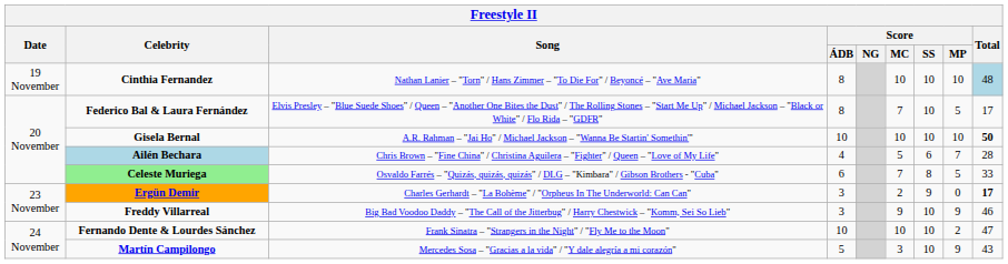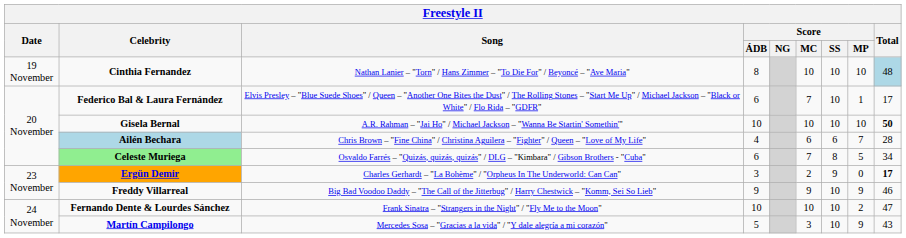 <table class="wikitable collapsible collapsed" style="font-size:90%; text-align: center; width: 100%;">
 <tr>
 <th colspan="11" style="with: 95%;" align=center><big><a href='#'>Freestyle II</a></big></th>
 </tr>
 <tr>
 <th width=70 rowspan="2">Date</th>
 <th width=250 rowspan="2">Celebrity</th>
 <th rowspan="2">Song</th>
 <th colspan="5">Score</th>
 <th rowspan="2">Total</th>
 </tr>
 <tr>
 <th width=30>ÁDB</th>
 <th width=30>NG</th>
 <th width=30>MC</th>
 <th width=30>SS</th>
 <th width=30>MP</th>
 </tr>
 <tr>
 <td rowspan=1>19 November</td>
 <td><strong>Cinthia Fernandez</strong></td>
 <td><small><a href='#'>Nathan Lanier</a> – "<a href='#'>Torn</a>" / <a href='#'>Hans Zimmer</a> – "<a href='#'>To Die For</a>" / <a href='#'>Beyoncé</a> – "<a href='#'>Ave Maria</a>"</small></td>
 <td>8</td>
 <td bgcolor="lightgray"></td>
 <td>10</td>
 <td>10</td>
 <td>10</td>
 <td style="background: lightblue;">48</td>
 </tr>
 <tr>
 <td rowspan=4>20 November</td>
 <td><strong>Federico Bal & Laura Fernández</strong></td>
 <td><small><a href='#'>Elvis Presley</a> – "<a href='#'>Blue Suede Shoes</a>" / <a href='#'>Queen</a> – "<a href='#'>Another One Bites the Dust</a>" / <a href='#'>The Rolling Stones</a> – "<a href='#'>Start Me Up</a>" / <a href='#'>Michael Jackson</a> – "<a href='#'>Black or White</a>" / <a href='#'>Flo Rida</a> – "<a href='#'>GDFR</a>"</small></td>
-<td>8</td>
+<td>6</td>
 <td bgcolor="lightgray"></td>
 <td>7</td>
 <td>10</td>
-<td>5</td>
+<td>1</td>
 <td>17</td>
 </tr>
 <tr>
 <td><strong>Gisela Bernal</strong></td>
 <td><small><a href='#'>A.R. Rahman</a> – "<a href='#'>Jai Ho</a>" / <a href='#'>Michael Jackson</a> – "<a href='#'>Wanna Be Startin' Somethin'</a>"</small></td>
 <td>10</td>
 <td bgcolor="lightgray"></td>
 <td>10</td>
 <td>10</td>
 <td>10</td>
 <td><span><strong>50</strong></span></td>
 </tr>
 <tr>
 <td style="background:lightblue;"><strong>Ailén Bechara</strong></td>
 <td><small><a href='#'>Chris Brown</a> – "<a href='#'>Fine China</a>" / <a href='#'>Christina Aguilera</a> – "<a href='#'>Fighter</a>" / <a href='#'>Queen</a> – "<a href='#'>Love of My Life</a>"</small></td>
 <td>4</td>
 <td bgcolor="lightgray"></td>
-<td>5</td>
+<td>6</td>
 <td>6</td>
 <td>7</td>
 <td>28</td>
 </tr>
 <tr>
 <td style="background:lightgreen;"><strong>Celeste Muriega</strong></td>
 <td><small><a href='#'>Osvaldo Farrés</a> – "<a href='#'>Quizás, quizás, quizás</a>" / <a href='#'>DLG</a> – "Kimbara" / <a href='#'>Gibson Brothers</a> - "<a href='#'>Cuba</a>"</small></td>
 <td>6</td>
 <td bgcolor="lightgray"></td>
 <td>7</td>
 <td>8</td>
 <td>5</td>
-<td>33</td>
+<td>34</td>
 </tr>
 <tr>
 <td rowspan=2>23 November</td>
 <td style="background:Orange;"><strong><a href='#'>Ergün Demir</a></strong></td>
 <td><small><a href='#'>Charles Gerhardt</a> – "<a href='#'>La Bohème</a>" / "<a href='#'>Orpheus In The Underworld: Can Can</a>"</small></td>
 <td>3</td>
 <td bgcolor="lightgray"></td>
 <td>2</td>
 <td>9</td>
 <td>0</td>
 <td><span><strong>17</strong></span></td>
 </tr>
 <tr>
 <td><strong>Freddy Villarreal</strong></td>
 <td><small><a href='#'>Big Bad Voodoo Daddy</a> – "<a href='#'>The Call of the Jitterbug</a>" / <a href='#'>Harry Chestwick</a> – "<a href='#'>Komm, Sei So Lieb</a>"</small></td>
-<td>3</td>
+<td>9</td>
 <td bgcolor="lightgray"></td>
 <td>9</td>
 <td>10</td>
 <td>9</td>
 <td>46</td>
 </tr>
 <tr>
 <td rowspan=2>24 November</td>
 <td><strong>Fernando Dente & Lourdes Sánchez</strong></td>
 <td><small><a href='#'>Frank Sinatra</a> – "<a href='#'>Strangers in the Night</a>" / "<a href='#'>Fly Me to the Moon</a>"</small></td>
 <td>10</td>
 <td bgcolor="lightgray"></td>
 <td>10</td>
 <td>10</td>
 <td>2</td>
 <td>47</td>
 </tr>
 <tr>
 <td><strong><a href='#'>Martín Campilongo</a></strong></td>
 <td><small><a href='#'>Mercedes Sosa</a> – "<a href='#'>Gracias a la vida</a>" / "<a href='#'>Y dale alegría a mi corazón</a>"</small></td>
 <td>5</td>
 <td bgcolor="lightgray"></td>
 <td>3</td>
 <td>10</td>
 <td>9</td>
 <td>43</td>
 </tr>
 </table>
